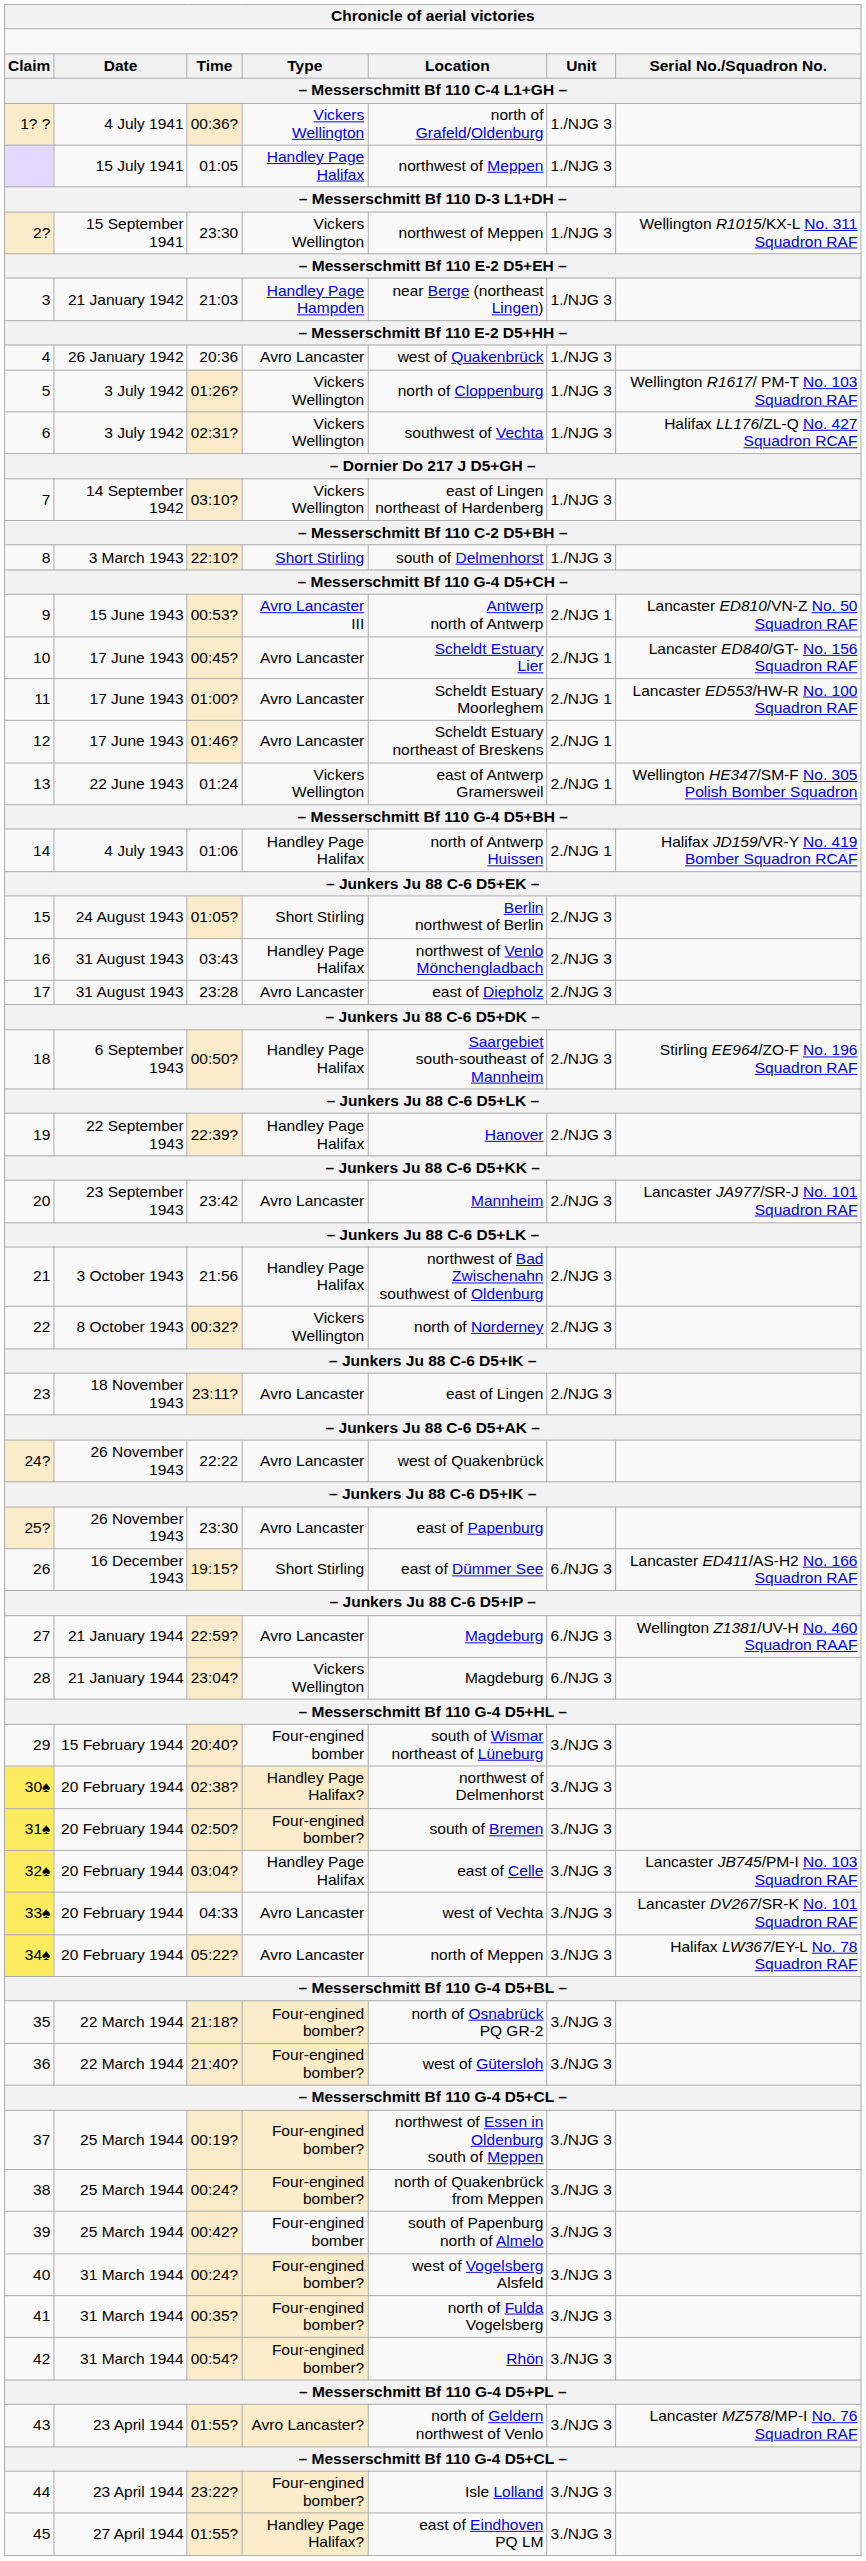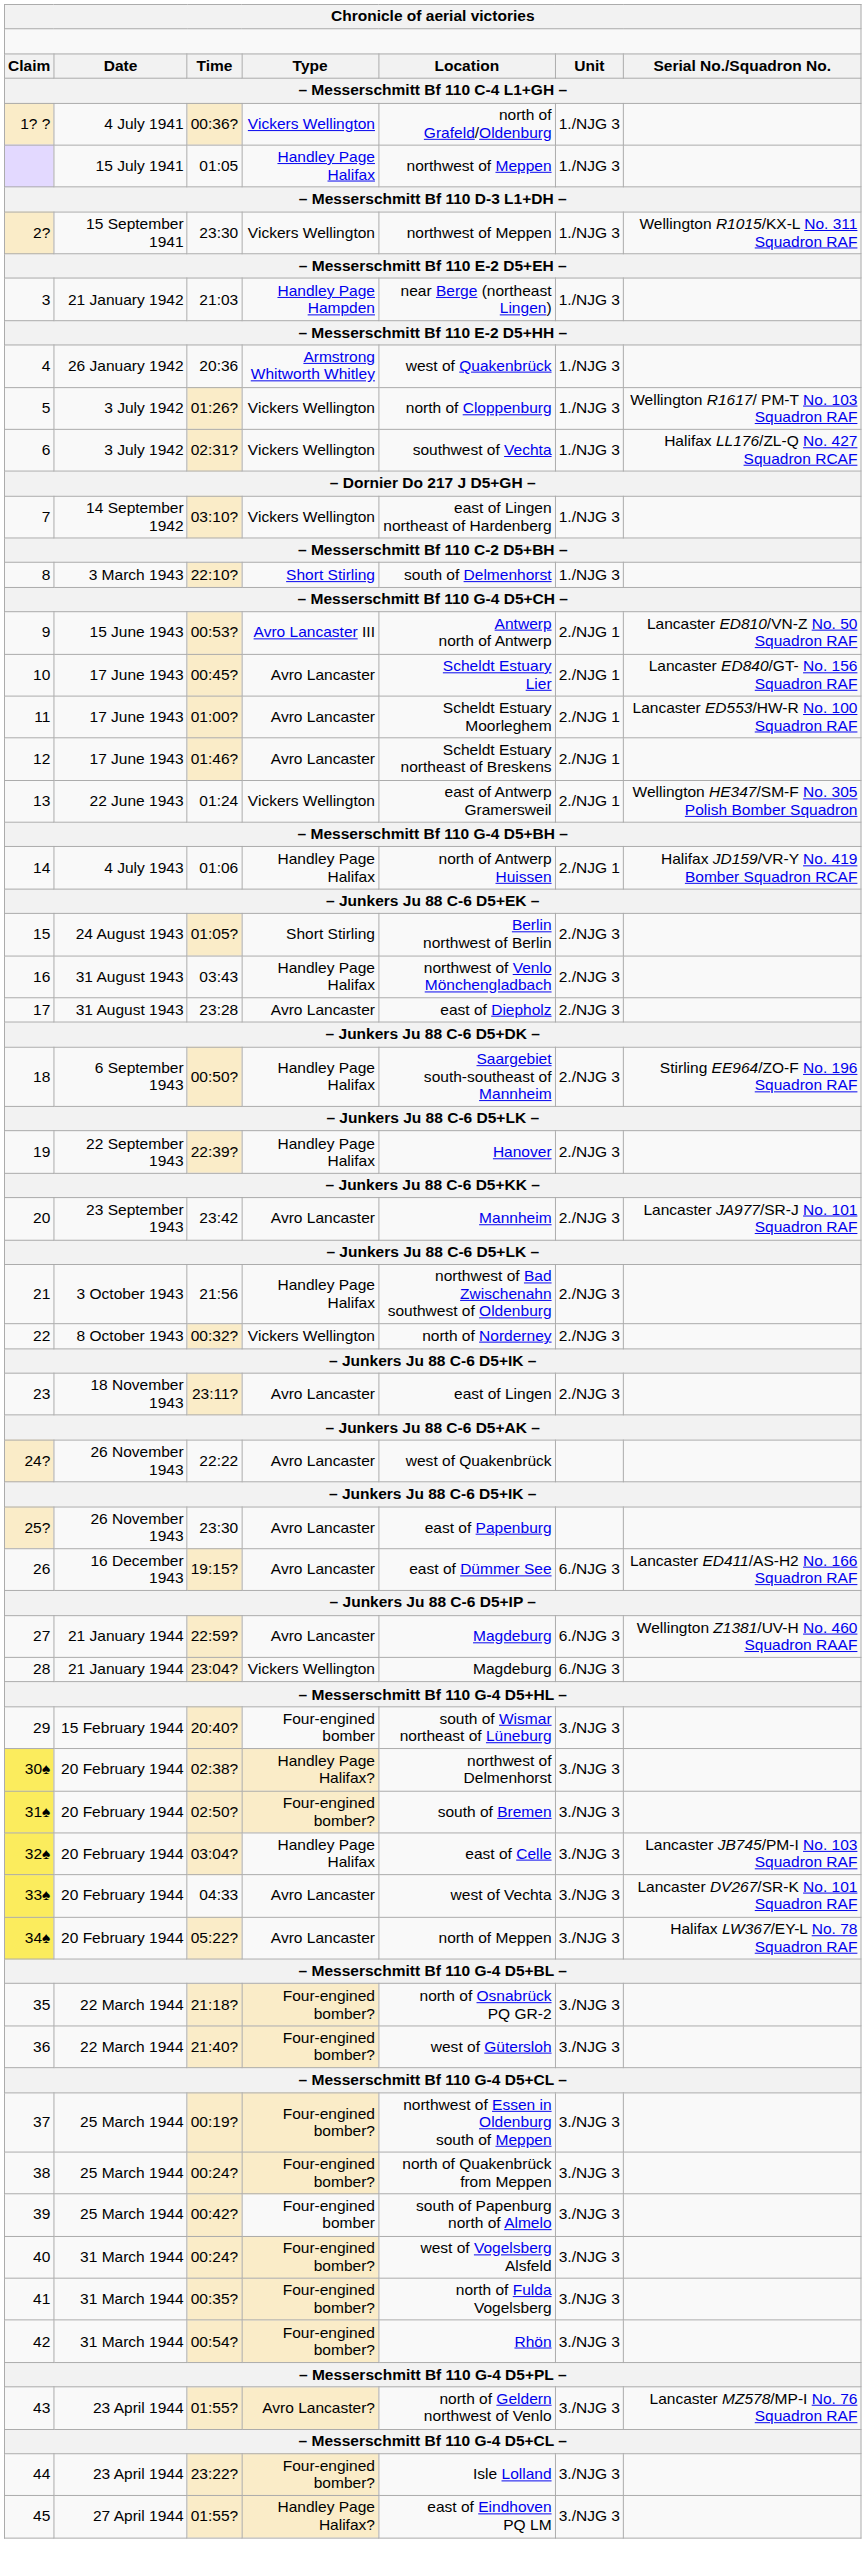 <table class="wikitable plainrowheaders collapsible" style="margin-left: auto; margin-right: auto; border: none; text-align:right; width: 100%;">
 <tr>
 <th colspan="7">Chronicle of aerial victories</th>
 </tr>
 <tr>
 <td colspan="7" style="text-align: left;"><br>  </td>
 </tr>
 <tr>
 <th scope="col">Claim</th>
 <th scope="col" style="width:130px">Date</th>
 <th scope="col">Time</th>
 <th scope="col">Type</th>
 <th scope="col">Location</th>
 <th scope="col">Unit</th>
 <th scope="col">Serial No./Squadron No.</th>
 </tr>
 <tr>
 <th colspan="7">– Messerschmitt Bf 110 C-4 L1+GH –</th>
 </tr>
 <tr>
 <td style="background:#faecc8">1? ?</td>
 <td>4 July 1941</td>
 <td style="background:#faecc8">00:36?</td>
 <td><a href='#'>Vickers Wellington</a></td>
 <td> north of <a href='#'>Grafeld</a>/<a href='#'>Oldenburg</a></td>
 <td>1./NJG 3</td>
 <td></td>
 </tr>
 <tr>
 <td style="background:#e3d9ff;"></td>
 <td>15 July 1941</td>
 <td>01:05</td>
 <td><a href='#'>Handley Page Halifax</a></td>
 <td>northwest of <a href='#'>Meppen</a></td>
 <td>1./NJG 3</td>
 <td></td>
 </tr>
 <tr>
 <th colspan="7">– Messerschmitt Bf 110 D-3 L1+DH –</th>
 </tr>
 <tr>
 <td style="background:#faecc8">2?</td>
 <td>15 September 1941</td>
 <td>23:30</td>
 <td>Vickers Wellington</td>
 <td>northwest of Meppen</td>
 <td>1./NJG 3</td>
 <td>Wellington <em>R1015</em>/KX-L <a href='#'>No. 311 Squadron RAF</a></td>
 </tr>
 <tr>
 <th colspan="7">– Messerschmitt Bf 110 E-2 D5+EH –</th>
 </tr>
 <tr>
 <td>3</td>
 <td>21 January 1942</td>
 <td>21:03</td>
 <td><a href='#'>Handley Page Hampden</a></td>
 <td>near <a href='#'>Berge</a> (northeast <a href='#'>Lingen</a>)</td>
 <td>1./NJG 3</td>
 <td></td>
 </tr>
 <tr>
 <th colspan="7">– Messerschmitt Bf 110 E-2 D5+HH –</th>
 </tr>
 <tr>
 <td>4</td>
 <td>26 January 1942</td>
 <td>20:36</td>
-<td>Avro Lancaster</td>
+<td><a href='#'>Armstrong Whitworth Whitley</a></td>
 <td>west of <a href='#'>Quakenbrück</a></td>
 <td>1./NJG 3</td>
 <td></td>
 </tr>
 <tr>
 <td>5</td>
 <td>3 July 1942</td>
 <td style="background:#faecc8">01:26?</td>
 <td>Vickers Wellington</td>
 <td> north of <a href='#'>Cloppenburg</a></td>
 <td>1./NJG 3</td>
 <td>Wellington <em>R1617</em>/	PM-T <a href='#'>No. 103 Squadron RAF</a></td>
 </tr>
 <tr>
 <td>6</td>
 <td>3 July 1942</td>
 <td style="background:#faecc8">02:31?</td>
 <td>Vickers Wellington</td>
 <td> southwest of <a href='#'>Vechta</a></td>
 <td>1./NJG 3</td>
 <td>Halifax <em>LL176</em>/ZL-Q <a href='#'>No. 427 Squadron RCAF</a></td>
 </tr>
 <tr>
 <th colspan="7">– Dornier Do 217 J D5+GH –</th>
 </tr>
 <tr>
 <td>7</td>
 <td>14 September 1942</td>
 <td style="background:#faecc8">03:10?</td>
 <td>Vickers Wellington</td>
 <td> east of Lingen<br> northeast of Hardenberg</td>
 <td>1./NJG 3</td>
 <td></td>
 </tr>
 <tr>
 <th colspan="7">– Messerschmitt Bf 110 C-2 D5+BH –</th>
 </tr>
 <tr>
 <td>8</td>
 <td>3 March 1943</td>
 <td style="background:#faecc8">22:10?</td>
 <td><a href='#'>Short Stirling</a></td>
 <td>south of <a href='#'>Delmenhorst</a></td>
 <td>1./NJG 3</td>
 <td></td>
 </tr>
 <tr>
 <th colspan="7">– Messerschmitt Bf 110 G-4 D5+CH –</th>
 </tr>
 <tr>
 <td>9</td>
 <td>15 June 1943</td>
 <td style="background:#faecc8">00:53?</td>
 <td><a href='#'>Avro Lancaster</a> III</td>
 <td><a href='#'>Antwerp</a><br> north of Antwerp</td>
 <td>2./NJG 1</td>
 <td>Lancaster <em>ED810</em>/VN-Z <a href='#'>No. 50 Squadron RAF</a></td>
 </tr>
 <tr>
 <td>10</td>
 <td>17 June 1943</td>
 <td style="background:#faecc8">00:45?</td>
 <td>Avro Lancaster</td>
 <td><a href='#'>Scheldt Estuary</a><br><a href='#'>Lier</a></td>
 <td>2./NJG 1</td>
 <td>Lancaster <em>ED840</em>/GT- <a href='#'>No. 156 Squadron RAF</a></td>
 </tr>
 <tr>
 <td>11</td>
 <td>17 June 1943</td>
 <td style="background:#faecc8">01:00?</td>
 <td>Avro Lancaster</td>
 <td>Scheldt Estuary<br>Moorleghem</td>
 <td>2./NJG 1</td>
 <td>Lancaster <em>ED553</em>/HW-R <a href='#'>No. 100 Squadron RAF</a></td>
 </tr>
 <tr>
 <td>12</td>
 <td>17 June 1943</td>
 <td style="background:#faecc8">01:46?</td>
 <td>Avro Lancaster</td>
 <td>Scheldt Estuary<br>northeast of Breskens</td>
 <td>2./NJG 1</td>
 <td></td>
 </tr>
 <tr>
 <td>13</td>
 <td>22 June 1943</td>
 <td>01:24</td>
 <td>Vickers Wellington</td>
 <td> east of Antwerp<br>Gramersweil</td>
 <td>2./NJG 1</td>
 <td>Wellington <em>HE347</em>/SM-F <a href='#'>No. 305 Polish Bomber Squadron</a></td>
 </tr>
 <tr>
 <th colspan="7">– Messerschmitt Bf 110 G-4 D5+BH –</th>
 </tr>
 <tr>
 <td>14</td>
 <td>4 July 1943</td>
 <td>01:06</td>
 <td>Handley Page Halifax</td>
 <td>north of Antwerp<br><a href='#'>Huissen</a></td>
 <td>2./NJG 1</td>
 <td>Halifax <em>JD159</em>/VR-Y <a href='#'>No. 419 Bomber Squadron RCAF</a></td>
 </tr>
 <tr>
 <th colspan="7">– Junkers Ju 88 C-6 D5+EK –</th>
 </tr>
 <tr>
 <td>15</td>
 <td>24 August 1943</td>
 <td style="background:#faecc8">01:05?</td>
 <td>Short Stirling</td>
 <td><a href='#'>Berlin</a><br>northwest of Berlin</td>
 <td>2./NJG 3</td>
 <td></td>
 </tr>
 <tr>
 <td>16</td>
 <td>31 August 1943</td>
 <td>03:43</td>
 <td>Handley Page Halifax</td>
 <td>northwest of <a href='#'>Venlo</a><br><a href='#'>Mönchengladbach</a></td>
 <td>2./NJG 3</td>
 <td></td>
 </tr>
 <tr>
 <td>17</td>
 <td>31 August 1943</td>
 <td>23:28</td>
 <td>Avro Lancaster</td>
 <td>east of <a href='#'>Diepholz</a></td>
 <td>2./NJG 3</td>
 <td></td>
 </tr>
 <tr>
 <th colspan="7">– Junkers Ju 88 C-6 D5+DK –</th>
 </tr>
 <tr>
 <td>18</td>
 <td>6 September 1943</td>
 <td style="background:#faecc8">00:50?</td>
 <td>Handley Page Halifax</td>
 <td><a href='#'>Saargebiet</a><br>south-southeast of <a href='#'>Mannheim</a></td>
 <td>2./NJG 3</td>
 <td>Stirling <em>EE964</em>/ZO-F <a href='#'>No. 196 Squadron RAF</a></td>
 </tr>
 <tr>
 <th colspan="7">– Junkers Ju 88 C-6 D5+LK –</th>
 </tr>
 <tr>
 <td>19</td>
 <td>22 September 1943</td>
 <td style="background:#faecc8">22:39?</td>
 <td>Handley Page Halifax</td>
 <td><a href='#'>Hanover</a></td>
 <td>2./NJG 3</td>
 <td></td>
 </tr>
 <tr>
 <th colspan="7">– Junkers Ju 88 C-6 D5+KK –</th>
 </tr>
 <tr>
 <td>20</td>
 <td>23 September 1943</td>
 <td>23:42</td>
 <td>Avro Lancaster</td>
 <td><a href='#'>Mannheim</a></td>
 <td>2./NJG 3</td>
 <td>Lancaster <em>JA977</em>/SR-J <a href='#'>No. 101 Squadron RAF</a></td>
 </tr>
 <tr>
 <th colspan="7">– Junkers Ju 88 C-6 D5+LK –</th>
 </tr>
 <tr>
 <td>21</td>
 <td>3 October 1943</td>
 <td>21:56</td>
 <td>Handley Page Halifax</td>
 <td>northwest of <a href='#'>Bad Zwischenahn</a><br> southwest of <a href='#'>Oldenburg</a></td>
 <td>2./NJG 3</td>
 <td></td>
 </tr>
 <tr>
 <td>22</td>
 <td>8 October 1943</td>
 <td style="background:#faecc8">00:32?</td>
 <td>Vickers Wellington</td>
 <td> north of <a href='#'>Norderney</a></td>
 <td>2./NJG 3</td>
 <td></td>
 </tr>
 <tr>
 <th colspan="7">– Junkers Ju 88 C-6 D5+IK –</th>
 </tr>
 <tr>
 <td>23</td>
 <td>18 November 1943</td>
 <td style="background:#faecc8">23:11?</td>
 <td>Avro Lancaster</td>
 <td>east of Lingen</td>
 <td>2./NJG 3</td>
 <td></td>
 </tr>
 <tr>
 <th colspan="7">– Junkers Ju 88 C-6 D5+AK –</th>
 </tr>
 <tr>
 <td style="background:#faecc8">24?</td>
 <td>26 November 1943</td>
 <td>22:22</td>
 <td>Avro Lancaster</td>
 <td>west of Quakenbrück</td>
 <td></td>
 <td></td>
 </tr>
 <tr>
 <th colspan="7">– Junkers Ju 88 C-6 D5+IK –</th>
 </tr>
 <tr>
 <td style="background:#faecc8">25?</td>
 <td>26 November 1943</td>
 <td>23:30</td>
 <td>Avro Lancaster</td>
 <td>east of <a href='#'>Papenburg</a></td>
 <td></td>
 <td></td>
 </tr>
 <tr>
 <td>26</td>
 <td>16 December 1943</td>
 <td style="background:#faecc8">19:15?</td>
-<td>Short Stirling</td>
+<td>Avro Lancaster</td>
 <td>east of <a href='#'>Dümmer See</a></td>
 <td>6./NJG 3</td>
 <td>Lancaster <em>ED411</em>/AS-H2 <a href='#'>No. 166 Squadron RAF</a></td>
 </tr>
 <tr>
 <th colspan="7">– Junkers Ju 88 C-6 D5+IP –</th>
 </tr>
 <tr>
 <td>27</td>
 <td>21 January 1944</td>
 <td style="background:#faecc8">22:59?</td>
 <td>Avro Lancaster</td>
 <td><a href='#'>Magdeburg</a></td>
 <td>6./NJG 3</td>
 <td>Wellington <em>Z1381</em>/UV-H <a href='#'>No. 460 Squadron RAAF</a></td>
 </tr>
 <tr>
 <td>28</td>
 <td>21 January 1944</td>
 <td style="background:#faecc8">23:04?</td>
 <td>Vickers Wellington</td>
 <td>Magdeburg</td>
 <td>6./NJG 3</td>
 <td></td>
 </tr>
 <tr>
 <th colspan="7">– Messerschmitt Bf 110 G-4 D5+HL –</th>
 </tr>
 <tr>
 <td>29</td>
 <td>15 February 1944</td>
 <td style="background:#faecc8">20:40?</td>
 <td>Four-engined bomber</td>
 <td>south of <a href='#'>Wismar</a><br>northeast of <a href='#'>Lüneburg</a></td>
 <td>3./NJG 3</td>
 <td></td>
 </tr>
 <tr>
 <td style="background:#fbec5d;" align="right">30♠</td>
 <td>20 February 1944</td>
 <td style="background:#faecc8">02:38?</td>
 <td style="background:#faecc8">Handley Page Halifax?</td>
 <td>northwest of Delmenhorst</td>
 <td>3./NJG 3</td>
 <td></td>
 </tr>
 <tr>
 <td style="background:#fbec5d;" align="right">31♠</td>
 <td>20 February 1944</td>
 <td style="background:#faecc8">02:50?</td>
 <td style="background:#faecc8">Four-engined bomber?</td>
 <td>south of <a href='#'>Bremen</a></td>
 <td>3./NJG 3</td>
 <td></td>
 </tr>
 <tr>
 <td style="background:#fbec5d;" align="right">32♠</td>
 <td>20 February 1944</td>
 <td style="background:#faecc8">03:04?</td>
 <td>Handley Page Halifax</td>
 <td>east of <a href='#'>Celle</a></td>
 <td>3./NJG 3</td>
 <td>Lancaster <em>JB745</em>/PM-I <a href='#'>No. 103 Squadron RAF</a></td>
 </tr>
 <tr>
 <td style="background:#fbec5d;" align="right">33♠</td>
 <td>20 February 1944</td>
 <td>04:33</td>
 <td>Avro Lancaster</td>
 <td>west of Vechta</td>
 <td>3./NJG 3</td>
 <td>Lancaster <em>DV267</em>/SR-K <a href='#'>No. 101 Squadron RAF</a></td>
 </tr>
 <tr>
 <td style="background:#fbec5d;" align="right">34♠</td>
 <td>20 February 1944</td>
 <td style="background:#faecc8">05:22?</td>
 <td>Avro Lancaster</td>
 <td>north of Meppen</td>
 <td>3./NJG 3</td>
 <td>Halifax <em>LW367</em>/EY-L <a href='#'>No. 78 Squadron RAF</a></td>
 </tr>
 <tr>
 <th colspan="7">– Messerschmitt Bf 110 G-4 D5+BL –</th>
 </tr>
 <tr>
 <td>35</td>
 <td>22 March 1944</td>
 <td style="background:#faecc8">21:18?</td>
 <td style="background:#faecc8">Four-engined bomber?</td>
 <td>north of <a href='#'>Osnabrück</a><br>PQ GR-2</td>
 <td>3./NJG 3</td>
 <td></td>
 </tr>
 <tr>
 <td>36</td>
 <td>22 March 1944</td>
 <td style="background:#faecc8">21:40?</td>
 <td style="background:#faecc8">Four-engined bomber?</td>
 <td>west of <a href='#'>Gütersloh</a></td>
 <td>3./NJG 3</td>
 <td></td>
 </tr>
 <tr>
 <th colspan="7">– Messerschmitt Bf 110 G-4 D5+CL –</th>
 </tr>
 <tr>
 <td>37</td>
 <td>25 March 1944</td>
 <td style="background:#faecc8">00:19?</td>
 <td style="background:#faecc8">Four-engined bomber?</td>
 <td>northwest of <a href='#'>Essen in Oldenburg</a><br>south of <a href='#'>Meppen</a></td>
 <td>3./NJG 3</td>
 <td></td>
 </tr>
 <tr>
 <td>38</td>
 <td>25 March 1944</td>
 <td style="background:#faecc8">00:24?</td>
 <td style="background:#faecc8">Four-engined bomber?</td>
 <td>north of Quakenbrück<br> from Meppen</td>
 <td>3./NJG 3</td>
 <td></td>
 </tr>
 <tr>
 <td>39</td>
 <td>25 March 1944</td>
 <td style="background:#faecc8">00:42?</td>
 <td>Four-engined bomber</td>
 <td>south of Papenburg<br> north of <a href='#'>Almelo</a></td>
 <td>3./NJG 3</td>
 <td></td>
 </tr>
 <tr>
 <td>40</td>
 <td>31 March 1944</td>
 <td style="background:#faecc8">00:24?</td>
 <td style="background:#faecc8">Four-engined bomber?</td>
 <td>west of <a href='#'>Vogelsberg</a><br>Alsfeld</td>
 <td>3./NJG 3</td>
 <td></td>
 </tr>
 <tr>
 <td>41</td>
 <td>31 March 1944</td>
 <td style="background:#faecc8">00:35?</td>
 <td style="background:#faecc8">Four-engined bomber?</td>
 <td>north of <a href='#'>Fulda</a><br>Vogelsberg</td>
 <td>3./NJG 3</td>
 <td></td>
 </tr>
 <tr>
 <td>42</td>
 <td>31 March 1944</td>
 <td style="background:#faecc8">00:54?</td>
 <td style="background:#faecc8">Four-engined bomber?</td>
 <td><a href='#'>Rhön</a></td>
 <td>3./NJG 3</td>
 <td></td>
 </tr>
 <tr>
 <th colspan="7">– Messerschmitt Bf 110 G-4 D5+PL –</th>
 </tr>
 <tr>
 <td>43</td>
 <td>23 April 1944</td>
 <td style="background:#faecc8">01:55?</td>
 <td style="background:#faecc8">Avro Lancaster?</td>
 <td>north of <a href='#'>Geldern</a><br> northwest of Venlo</td>
 <td>3./NJG 3</td>
 <td>Lancaster <em>MZ578</em>/MP-I <a href='#'>No. 76 Squadron RAF</a></td>
 </tr>
 <tr>
 <th colspan="7">– Messerschmitt Bf 110 G-4 D5+CL –</th>
 </tr>
 <tr>
 <td>44</td>
 <td>23 April 1944</td>
 <td style="background:#faecc8">23:22?</td>
 <td style="background:#faecc8">Four-engined bomber?</td>
 <td>Isle <a href='#'>Lolland</a></td>
 <td>3./NJG 3</td>
 <td></td>
 </tr>
 <tr>
 <td>45</td>
 <td>27 April 1944</td>
 <td style="background:#faecc8">01:55?</td>
 <td style="background:#faecc8">Handley Page Halifax?</td>
 <td>east of <a href='#'>Eindhoven</a><br>PQ LM</td>
 <td>3./NJG 3</td>
 <td></td>
 </tr>
 </table>
